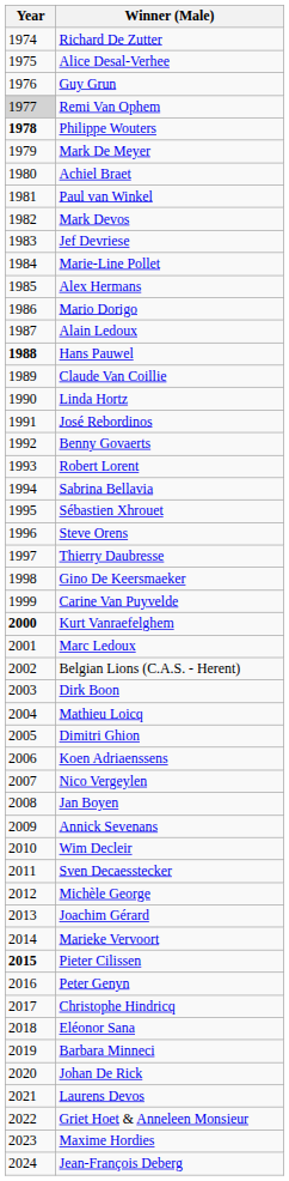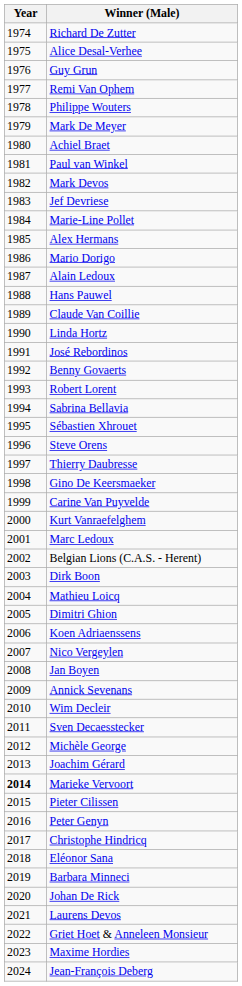 <table class="wikitable sortable">
 <tr>
 <th width=50>Year</th>
 <th width=250>Winner (Male)</th>
 </tr>
 <tr>
 <td>1974</td>
 <td><a href='#'>Richard De Zutter</a></td>
 </tr>
 <tr>
 <td>1975</td>
 <td><a href='#'>Alice Desal-Verhee</a></td>
 </tr>
 <tr>
 <td>1976</td>
 <td><a href='#'>Guy Grun</a></td>
 </tr>
 <tr>
-<td style="background: lightgrey;">1977</td>
+<td>1977</td>
 <td><a href='#'>Remi Van Ophem</a></td>
 </tr>
 <tr>
-<td><strong>1978</strong></td>
+<td>1978</td>
 <td><a href='#'>Philippe Wouters</a></td>
 </tr>
 <tr>
 <td>1979</td>
 <td><a href='#'>Mark De Meyer</a></td>
 </tr>
 <tr>
 <td>1980</td>
 <td><a href='#'>Achiel Braet</a></td>
 </tr>
 <tr>
 <td>1981</td>
 <td><a href='#'>Paul van Winkel</a></td>
 </tr>
 <tr>
 <td>1982</td>
 <td><a href='#'>Mark Devos</a></td>
 </tr>
 <tr>
 <td>1983</td>
 <td><a href='#'>Jef Devriese</a></td>
 </tr>
 <tr>
 <td>1984</td>
 <td><a href='#'>Marie-Line Pollet</a></td>
 </tr>
 <tr>
 <td>1985</td>
 <td><a href='#'>Alex Hermans</a></td>
 </tr>
 <tr>
 <td>1986</td>
 <td><a href='#'>Mario Dorigo</a></td>
 </tr>
 <tr>
 <td>1987</td>
 <td><a href='#'>Alain Ledoux</a></td>
 </tr>
 <tr>
-<td><strong>1988</strong></td>
+<td>1988</td>
 <td><a href='#'>Hans Pauwel</a></td>
 </tr>
 <tr>
 <td>1989</td>
 <td><a href='#'>Claude Van Coillie</a></td>
 </tr>
 <tr>
 <td>1990</td>
 <td><a href='#'>Linda Hortz</a></td>
 </tr>
 <tr>
 <td>1991</td>
 <td><a href='#'>José Rebordinos</a></td>
 </tr>
 <tr>
 <td>1992</td>
 <td><a href='#'>Benny Govaerts</a></td>
 </tr>
 <tr>
 <td>1993</td>
 <td><a href='#'>Robert Lorent</a></td>
 </tr>
 <tr>
 <td>1994</td>
 <td><a href='#'>Sabrina Bellavia</a></td>
 </tr>
 <tr>
 <td>1995</td>
 <td><a href='#'>Sébastien Xhrouet</a></td>
 </tr>
 <tr>
 <td>1996</td>
 <td><a href='#'>Steve Orens</a></td>
 </tr>
 <tr>
 <td>1997</td>
 <td><a href='#'>Thierry Daubresse</a></td>
 </tr>
 <tr>
 <td>1998</td>
 <td><a href='#'>Gino De Keersmaeker</a></td>
 </tr>
 <tr>
 <td>1999</td>
 <td><a href='#'>Carine Van Puyvelde</a></td>
 </tr>
 <tr>
-<td><strong>2000</strong></td>
+<td>2000</td>
 <td><a href='#'>Kurt Vanraefelghem</a></td>
 </tr>
 <tr>
 <td>2001</td>
 <td><a href='#'>Marc Ledoux</a></td>
 </tr>
 <tr>
 <td>2002</td>
 <td>Belgian Lions (C.A.S. - Herent)</td>
 </tr>
 <tr>
 <td>2003</td>
 <td><a href='#'>Dirk Boon</a></td>
 </tr>
 <tr>
 <td>2004</td>
 <td><a href='#'>Mathieu Loicq</a></td>
 </tr>
 <tr>
 <td>2005</td>
 <td><a href='#'>Dimitri Ghion</a></td>
 </tr>
 <tr>
 <td>2006</td>
 <td><a href='#'>Koen Adriaenssens</a></td>
 </tr>
 <tr>
 <td>2007</td>
 <td><a href='#'>Nico Vergeylen</a></td>
 </tr>
 <tr>
 <td>2008</td>
 <td><a href='#'>Jan Boyen</a></td>
 </tr>
 <tr>
 <td>2009</td>
 <td><a href='#'>Annick Sevenans</a></td>
 </tr>
 <tr>
 <td>2010</td>
 <td><a href='#'>Wim Decleir</a></td>
 </tr>
 <tr>
 <td>2011</td>
 <td><a href='#'>Sven Decaesstecker</a></td>
 </tr>
 <tr>
 <td>2012</td>
 <td><a href='#'>Michèle George</a></td>
 </tr>
 <tr>
 <td>2013</td>
 <td><a href='#'>Joachim Gérard</a></td>
 </tr>
 <tr>
-<td>2014</td>
+<td><strong>2014</strong></td>
 <td><a href='#'>Marieke Vervoort</a></td>
 </tr>
 <tr>
-<td><strong>2015</strong></td>
+<td>2015</td>
 <td><a href='#'>Pieter Cilissen</a></td>
 </tr>
 <tr>
 <td>2016</td>
 <td><a href='#'>Peter Genyn</a></td>
 </tr>
 <tr>
 <td>2017</td>
 <td><a href='#'>Christophe Hindricq</a></td>
 </tr>
 <tr>
 <td>2018</td>
 <td><a href='#'>Eléonor Sana</a></td>
 </tr>
 <tr>
 <td>2019</td>
 <td><a href='#'>Barbara Minneci</a></td>
 </tr>
 <tr>
 <td>2020</td>
 <td><a href='#'>Johan De Rick</a></td>
 </tr>
 <tr>
 <td>2021</td>
 <td><a href='#'>Laurens Devos</a></td>
 </tr>
 <tr>
 <td>2022</td>
 <td><a href='#'>Griet Hoet</a> & <a href='#'>Anneleen Monsieur</a></td>
 </tr>
 <tr>
 <td>2023</td>
 <td><a href='#'>Maxime Hordies</a></td>
 </tr>
 <tr>
 <td>2024</td>
 <td><a href='#'>Jean-François Deberg</a></td>
 </tr>
 </table>
